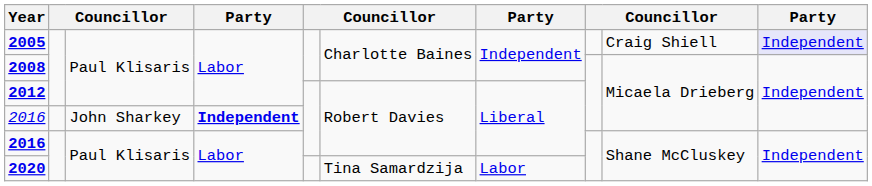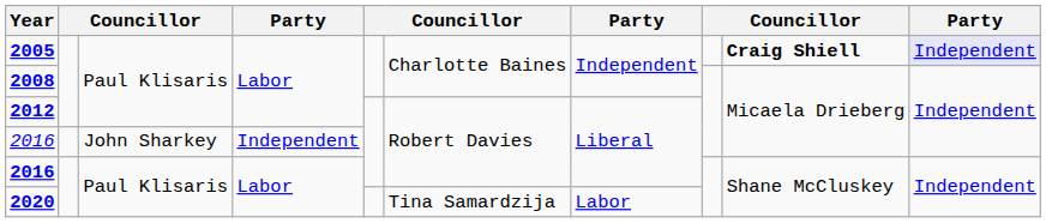 <table class="wikitable">
 <tr>
 <th>Year</th>
 <th colspan="2">Councillor</th>
 <th>Party</th>
 <th colspan="2">Councillor</th>
 <th>Party</th>
 <th colspan="2">Councillor</th>
 <th>Party</th>
 </tr>
 <tr>
 <td><strong><a href='#'>2005</a></strong></td>
 <td rowspan="3" width="1px" > </td>
 <td rowspan="3">Paul Klisaris</td>
 <td rowspan="3"><a href='#'>Labor</a></td>
 <td rowspan="2" width="1px" > </td>
 <td rowspan="2">Charlotte Baines</td>
 <td rowspan="2"><a href='#'>Independent</a></td>
 <td rowspan="1" width="1px" > </td>
-<td rowspan="1">Craig Shiell</td>
+<td rowspan="1"><strong>Craig Shiell</strong></td>
 <td rowspan="1" style="background: lavender;"><a href='#'>Independent</a></td>
 </tr>
 <tr>
 <td><strong><a href='#'>2008</a></strong></td>
 <td rowspan="3" width="1px" > </td>
 <td rowspan="3">Micaela Drieberg</td>
 <td rowspan="3"><a href='#'>Independent</a></td>
 </tr>
 <tr>
 <td><strong><a href='#'>2012</a></strong></td>
 <td rowspan="3" width="1px" > </td>
 <td rowspan="3">Robert Davies</td>
 <td rowspan="3"><a href='#'>Liberal</a></td>
 </tr>
 <tr>
 <td><em><a href='#'>2016</a></em></td>
 <td rowspan="1" width="1px" > </td>
 <td rowspan="1">John Sharkey</td>
-<td rowspan="1"><strong><a href='#'>Independent</a></strong></td>
+<td rowspan="1"><a href='#'>Independent</a></td>
 </tr>
 <tr>
 <td><strong><a href='#'>2016</a></strong></td>
 <td rowspan="3" width="1px" > </td>
 <td rowspan="3">Paul Klisaris</td>
 <td rowspan="3"><a href='#'>Labor</a></td>
 <td rowspan="2" width="1px" > </td>
 <td rowspan="2">Shane McCluskey</td>
 <td rowspan="2"><a href='#'>Independent</a></td>
 </tr>
 <tr>
 <td><strong><a href='#'>2020</a></strong></td>
 <td rowspan="3" width="1px" > </td>
 <td rowspan="3">Tina Samardzija</td>
 <td rowspan="3"><a href='#'>Labor</a></td>
 </tr>
 </table>
